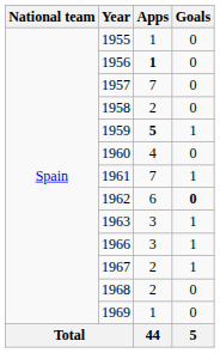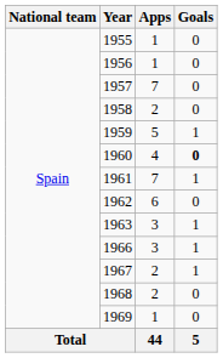 <table class=wikitable style=text-align:center>
 <tr>
 <th>National team</th>
 <th>Year</th>
 <th>Apps</th>
 <th>Goals</th>
 </tr>
 <tr>
 <td rowspan="13"><a href='#'>Spain</a></td>
 <td>1955</td>
 <td>1</td>
 <td>0</td>
 </tr>
 <tr>
 <td>1956</td>
-<td><strong>1</strong></td>
+<td>1</td>
 <td>0</td>
 </tr>
 <tr>
 <td>1957</td>
 <td>7</td>
 <td>0</td>
 </tr>
 <tr>
 <td>1958</td>
 <td>2</td>
 <td>0</td>
 </tr>
 <tr>
 <td>1959</td>
-<td><strong>5</strong></td>
+<td>5</td>
 <td>1</td>
 </tr>
 <tr>
 <td>1960</td>
 <td>4</td>
-<td>0</td>
+<td><strong>0</strong></td>
 </tr>
 <tr>
 <td>1961</td>
 <td>7</td>
 <td>1</td>
 </tr>
 <tr>
 <td>1962</td>
 <td>6</td>
-<td><strong>0</strong></td>
+<td>0</td>
 </tr>
 <tr>
 <td>1963</td>
 <td>3</td>
 <td>1</td>
 </tr>
 <tr>
 <td>1966</td>
 <td>3</td>
 <td>1</td>
 </tr>
 <tr>
 <td>1967</td>
 <td>2</td>
 <td>1</td>
 </tr>
 <tr>
 <td>1968</td>
 <td>2</td>
 <td>0</td>
 </tr>
 <tr>
 <td>1969</td>
 <td>1</td>
 <td>0</td>
 </tr>
 <tr>
 <th colspan="2">Total</th>
 <th>44</th>
 <th>5</th>
 </tr>
 </table>
